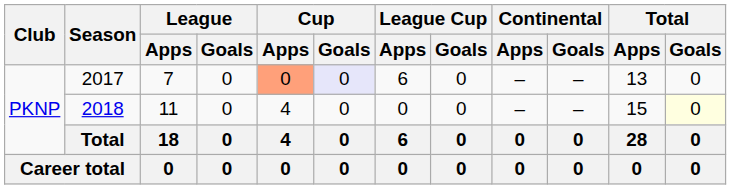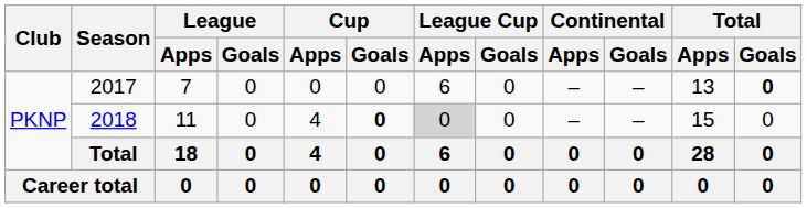 <table class="wikitable" style="text-align: center;">
 <tr>
 <th rowspan="2">Club</th>
 <th rowspan="2">Season</th>
 <th colspan="2">League</th>
 <th colspan="2">Cup</th>
 <th colspan="2">League Cup</th>
 <th colspan="2">Continental</th>
 <th colspan="2">Total</th>
 </tr>
 <tr>
 <th>Apps</th>
 <th>Goals</th>
 <th>Apps</th>
 <th>Goals</th>
 <th>Apps</th>
 <th>Goals</th>
 <th>Apps</th>
 <th>Goals</th>
 <th>Apps</th>
 <th>Goals</th>
 </tr>
 <tr>
 <td rowspan="3" valign="center"><a href='#'>PKNP</a></td>
 <td>2017</td>
 <td>7</td>
 <td>0</td>
-<td style="background: lightsalmon;">0</td>
-<td style="background: lavender;">0</td>
+<td>0</td>
+<td>0</td>
 <td>6</td>
 <td>0</td>
 <td>–</td>
 <td>–</td>
 <td>13</td>
-<td>0</td>
+<td><strong>0</strong></td>
 </tr>
 <tr>
 <td><a href='#'>2018</a></td>
 <td>11</td>
 <td>0</td>
 <td>4</td>
-<td>0</td>
-<td>0</td>
+<td><strong>0</strong></td>
+<td style="background: lightgrey;">0</td>
 <td>0</td>
 <td>–</td>
 <td>–</td>
 <td>15</td>
-<td style="background: lightyellow;">0</td>
+<td>0</td>
 </tr>
 <tr>
 <th>Total</th>
 <th>18</th>
 <th>0</th>
 <th>4</th>
 <th>0</th>
 <th>6</th>
 <th>0</th>
 <th>0</th>
 <th>0</th>
 <th>28</th>
 <th>0</th>
 </tr>
 <tr>
 <th colspan=2>Career total</th>
 <th>0</th>
 <th>0</th>
 <th>0</th>
 <th>0</th>
 <th>0</th>
 <th>0</th>
 <th>0</th>
 <th>0</th>
 <th>0</th>
 <th>0</th>
 </tr>
 </table>
